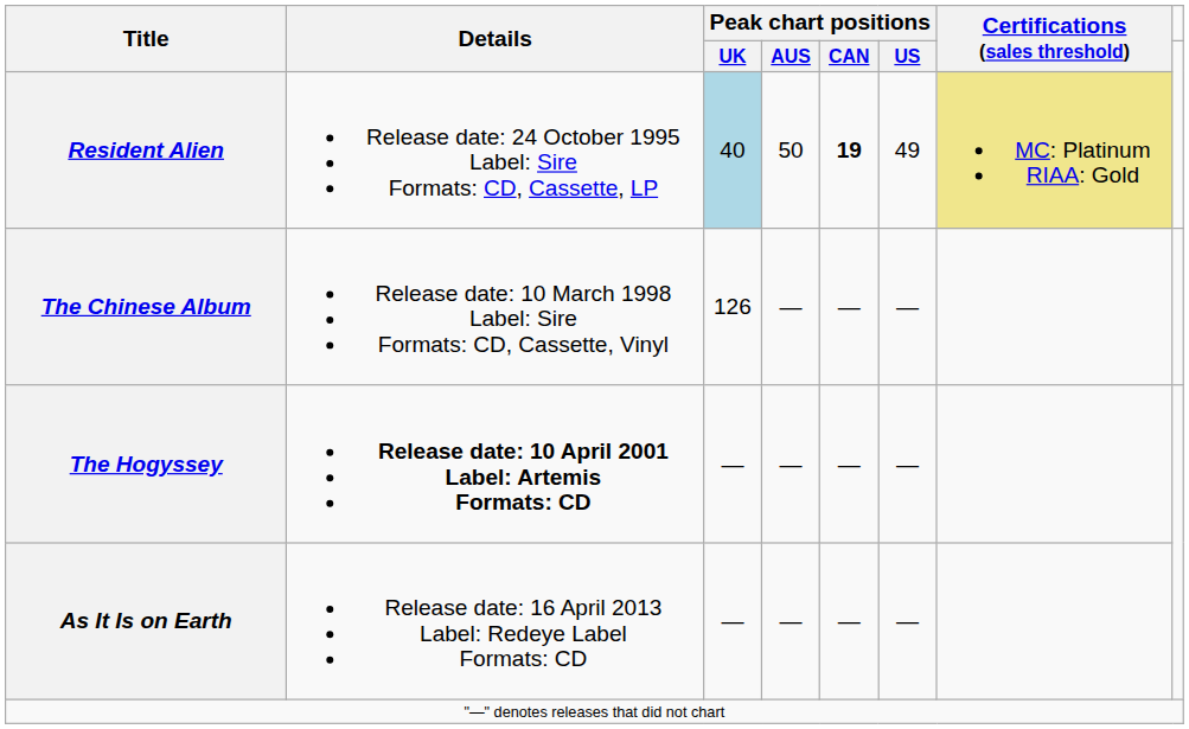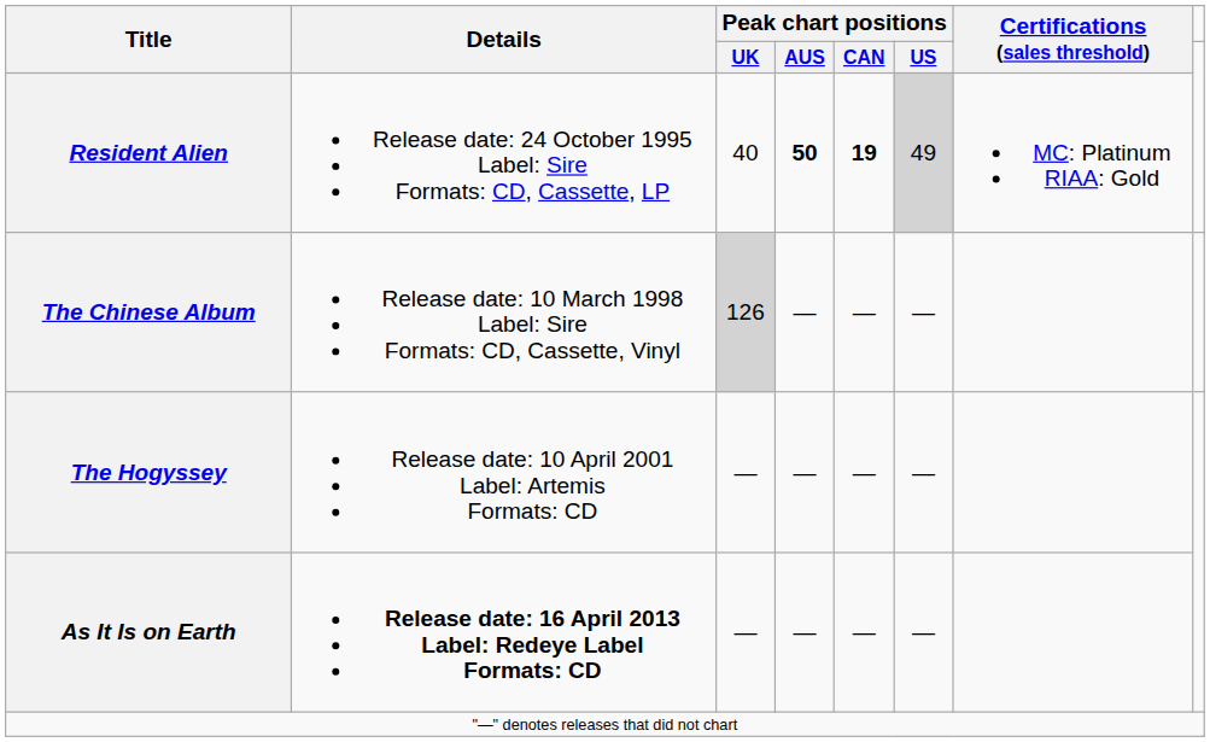 <table class="wikitable plainrowheaders" style="text-align:center;">
 <tr>
 <th rowspan="2" style="width:12em;">Title</th>
 <th rowspan="2" style="width:18em;">Details</th>
 <th colspan="4">Peak chart positions</th>
 <th rowspan="2" style="width:10em;"><a href='#'>Certifications</a><br><small>(<a href='#'>sales threshold</a>)</small></th>
 <td></td>
 </tr>
 <tr style="font-size:smaller;">
 <th width="35"><a href='#'>UK</a><br></th>
 <th width="35"><a href='#'>AUS</a><br></th>
 <th width="35"><a href='#'>CAN</a><br></th>
 <th width="35"><a href='#'>US</a><br></th>
 </tr>
 <tr>
 <th scope="row"><em><a href='#'>Resident Alien</a></em></th>
 <td><br><ul><li>Release date: 24 October 1995</li><li>Label: <a href='#'>Sire</a></li><li>Formats: <a href='#'>CD</a>, <a href='#'>Cassette</a>, <a href='#'>LP</a></li></ul></td>
-<td style="background: lightblue;">40</td>
-<td>50</td>
+<td>40</td>
+<td><strong>50</strong></td>
 <td><strong>19</strong></td>
-<td>49</td>
-<td style="background: khaki;"><br><ul><li><a href='#'>MC</a>: Platinum</li><li><a href='#'>RIAA</a>: Gold</li></ul></td>
+<td style="background: lightgrey;">49</td>
+<td><br><ul><li><a href='#'>MC</a>: Platinum</li><li><a href='#'>RIAA</a>: Gold</li></ul></td>
 </tr>
 <tr>
 <th scope="row"><em><a href='#'>The Chinese Album</a></em></th>
 <td><br><ul><li>Release date: 10 March 1998</li><li>Label: Sire</li><li>Formats: CD, Cassette, Vinyl</li></ul></td>
-<td>126</td>
+<td style="background: lightgrey;">126</td>
 <td>—</td>
 <td>—</td>
 <td>—</td>
 <td></td>
 <td></td>
 </tr>
 <tr>
 <th scope="row"><em><a href='#'>The Hogyssey</a></em></th>
-<td><strong><br><ul><li>Release date: 10 April 2001</li><li>Label: Artemis</li><li>Formats: CD</li></ul></strong></td>
+<td><br><ul><li>Release date: 10 April 2001</li><li>Label: Artemis</li><li>Formats: CD</li></ul></td>
 <td>—</td>
 <td>—</td>
 <td>—</td>
 <td>—</td>
 <td></td>
 </tr>
 <tr>
 <th scope="row"><em>As It Is on Earth</em></th>
-<td><br><ul><li>Release date: 16 April 2013</li><li>Label: Redeye Label</li><li>Formats: CD</li></ul></td>
+<td><strong><br><ul><li>Release date: 16 April 2013</li><li>Label: Redeye Label</li><li>Formats: CD</li></ul></strong></td>
 <td>—</td>
 <td>—</td>
 <td>—</td>
 <td>—</td>
 <td></td>
 </tr>
 <tr>
 <td colspan="14" style="font-size:8pt">"—" denotes releases that did not chart</td>
 </tr>
 </table>
